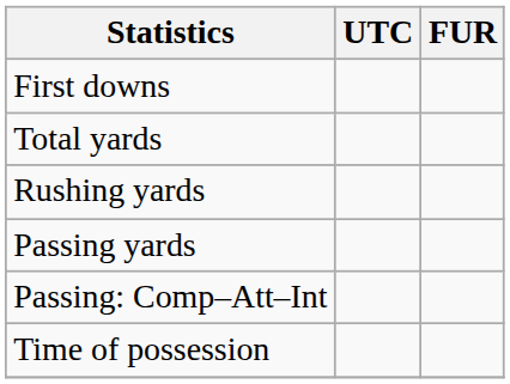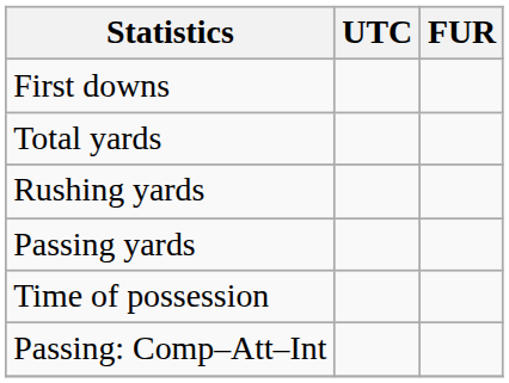 <table class="wikitable" style="float: left;">
 <tr>
 <th>Statistics</th>
 <th>UTC</th>
 <th>FUR</th>
 </tr>
 <tr>
 <td>First downs</td>
 <td></td>
 <td></td>
 </tr>
 <tr>
 <td>Total yards</td>
 <td></td>
 <td></td>
 </tr>
 <tr>
 <td>Rushing yards</td>
 <td></td>
 <td></td>
 </tr>
 <tr>
 <td>Passing yards</td>
 <td></td>
 <td></td>
 </tr>
 <tr>
-<td>Passing: Comp–Att–Int</td>
+<td>Time of possession</td>
 <td></td>
 <td></td>
 </tr>
 <tr>
-<td>Time of possession</td>
+<td>Passing: Comp–Att–Int</td>
 <td></td>
 <td></td>
 </tr>
 <tr>
 </tr>
 </table>
